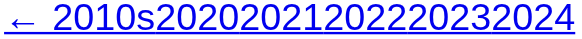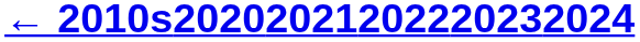 <table id=toc class=toc summary=Contents>
 <tr>
 <th></th>
 </tr>
 <tr>
-<td><a href='#'>← 2010s</a><a href='#'>2020</a><a href='#'>2021</a><a href='#'>2022</a><a href='#'>2023</a><a href='#'>2024</a></td>
+<td><strong><a href='#'>← 2010s</a><a href='#'>2020</a><a href='#'>2021</a><a href='#'>2022</a><a href='#'>2023</a><a href='#'>2024</a></strong></td>
 </tr>
 </table>
